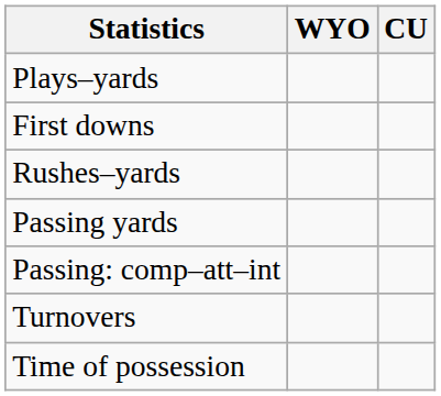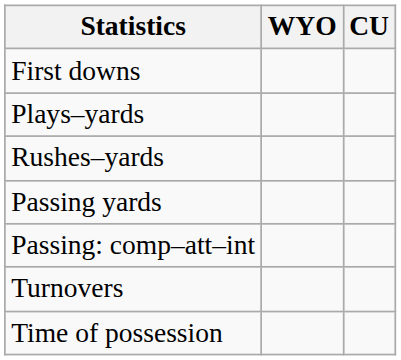 <table class="wikitable" style="float:left">
 <tr>
 <th>Statistics</th>
 <th>WYO</th>
 <th>CU</th>
 </tr>
 <tr>
-<td>Plays–yards</td>
+<td>First downs</td>
 <td></td>
 <td></td>
 </tr>
 <tr>
-<td>First downs</td>
+<td>Plays–yards</td>
 <td></td>
 <td></td>
 </tr>
 <tr>
 <td>Rushes–yards</td>
 <td></td>
 <td></td>
 </tr>
 <tr>
 <td>Passing yards</td>
 <td></td>
 <td></td>
 </tr>
 <tr>
 <td>Passing: comp–att–int</td>
 <td></td>
 <td></td>
 </tr>
 <tr>
 <td>Turnovers</td>
 <td></td>
 <td></td>
 </tr>
 <tr>
 <td>Time of possession</td>
 <td></td>
 <td></td>
 </tr>
 </table>
